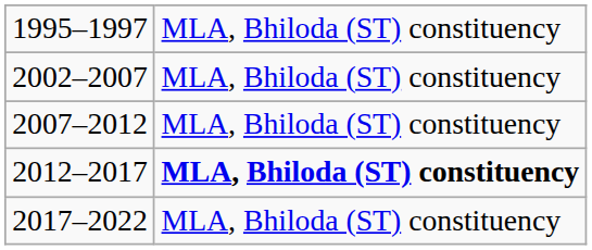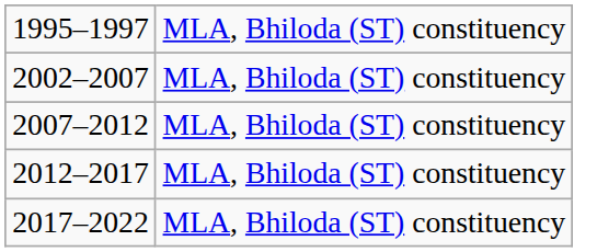 <table class="wikitable">
 <tr>
 <td>1995–1997</td>
 <td><a href='#'>MLA</a>, <a href='#'>Bhiloda (ST)</a> constituency</td>
 </tr>
 <tr>
 <td>2002–2007</td>
 <td><a href='#'>MLA</a>, <a href='#'>Bhiloda (ST)</a> constituency</td>
 </tr>
 <tr>
 <td>2007–2012</td>
 <td><a href='#'>MLA</a>, <a href='#'>Bhiloda (ST)</a> constituency</td>
 </tr>
 <tr>
 <td>2012–2017</td>
-<td><strong><a href='#'>MLA</a>, <a href='#'>Bhiloda (ST)</a> constituency</strong></td>
+<td><a href='#'>MLA</a>, <a href='#'>Bhiloda (ST)</a> constituency</td>
 </tr>
 <tr>
 <td>2017–2022</td>
 <td><a href='#'>MLA</a>, <a href='#'>Bhiloda (ST)</a> constituency</td>
 </tr>
 </table>
